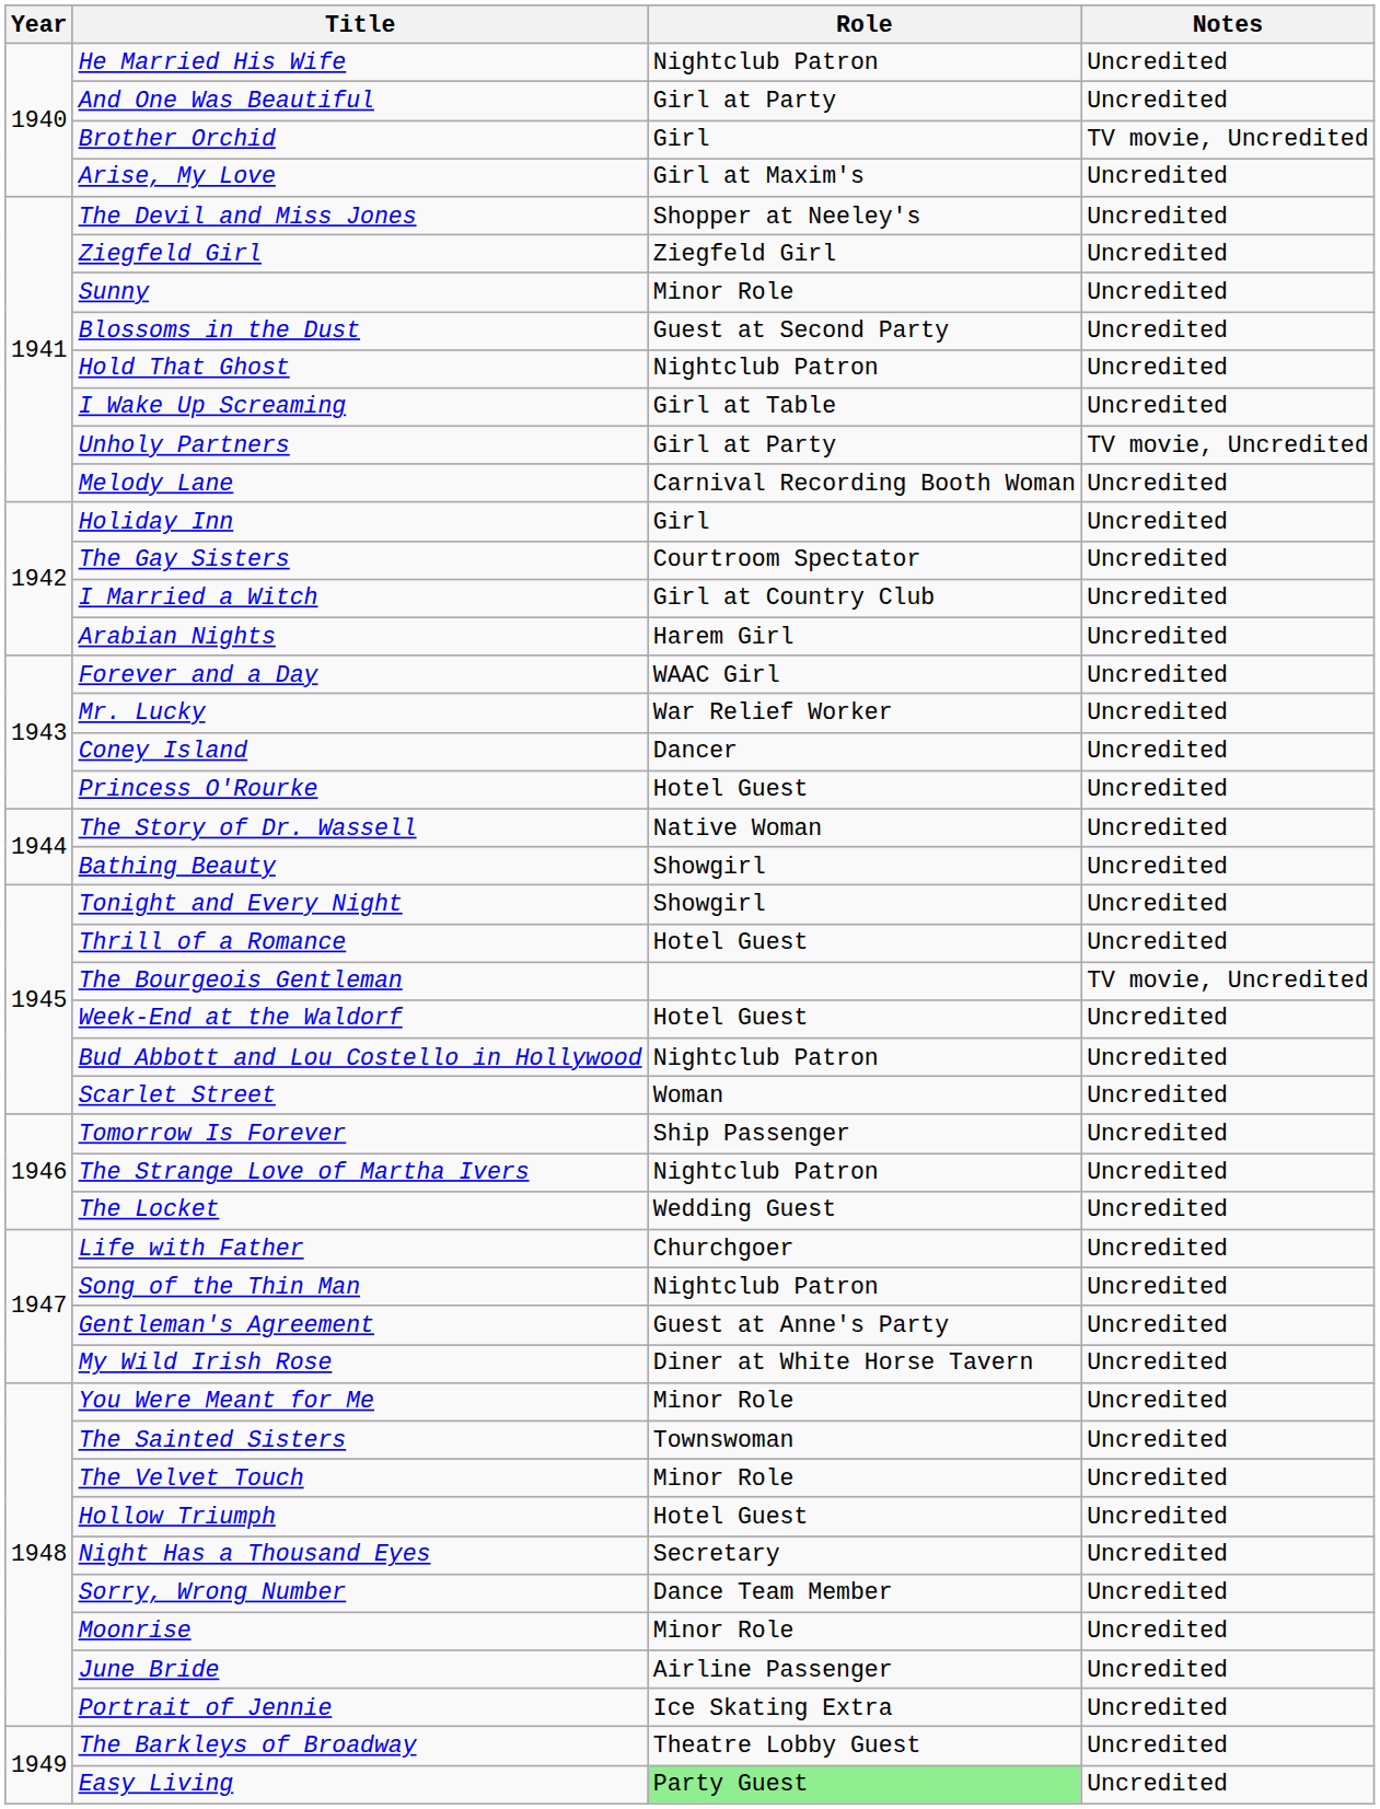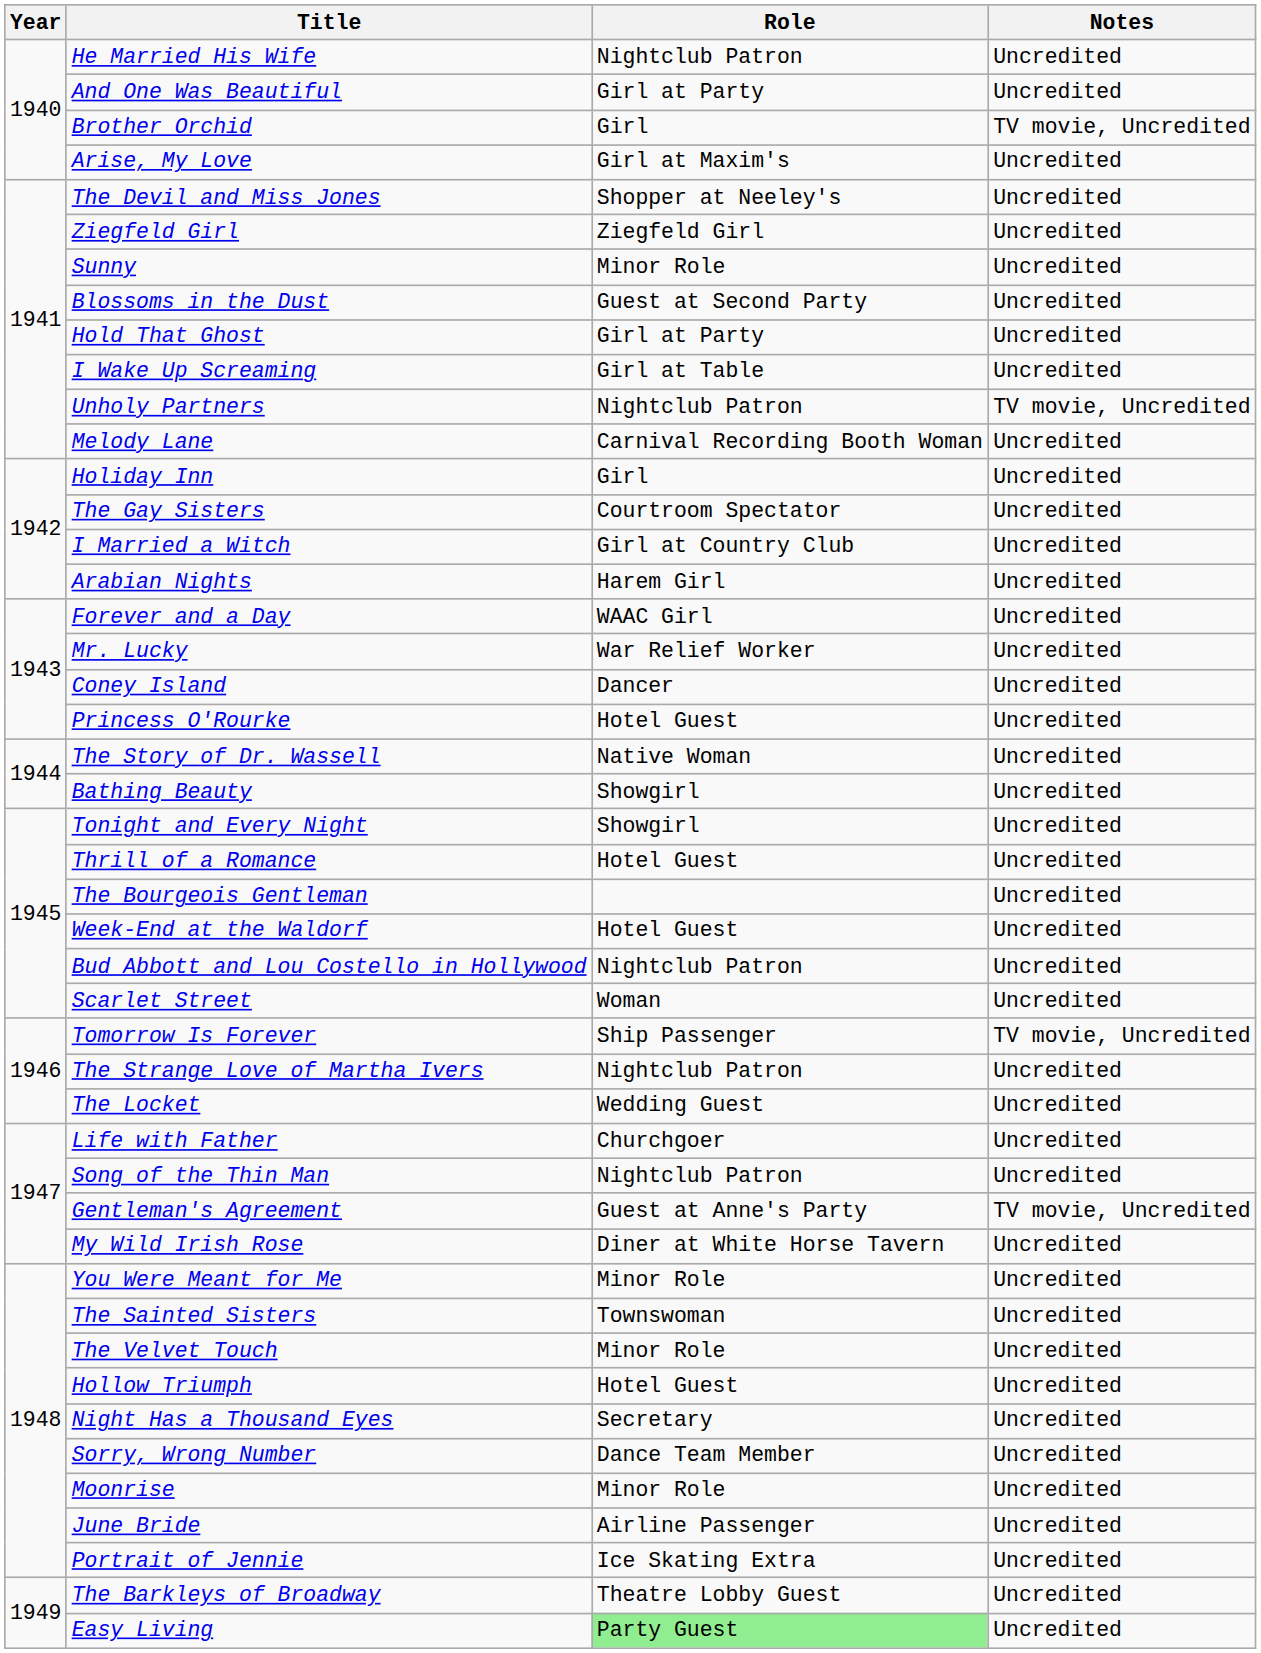 <table class="wikitable">
 <tr>
 <th>Year</th>
 <th>Title</th>
 <th>Role</th>
 <th>Notes</th>
 </tr>
 <tr>
 <td rowspan="4">1940</td>
 <td><em><a href='#'>He Married His Wife</a></em></td>
 <td>Nightclub Patron</td>
 <td>Uncredited</td>
 </tr>
 <tr>
 <td><em><a href='#'>And One Was Beautiful</a></em></td>
 <td>Girl at Party</td>
 <td>Uncredited</td>
 </tr>
 <tr>
 <td><em><a href='#'>Brother Orchid</a></em></td>
 <td>Girl</td>
 <td>TV movie, Uncredited</td>
 </tr>
 <tr>
 <td><em><a href='#'>Arise, My Love</a></em></td>
 <td>Girl at Maxim's</td>
 <td>Uncredited</td>
 </tr>
 <tr>
 <td rowspan="8">1941</td>
 <td><em><a href='#'>The Devil and Miss Jones</a></em></td>
 <td>Shopper at Neeley's</td>
 <td>Uncredited</td>
 </tr>
 <tr>
 <td><em><a href='#'>Ziegfeld Girl</a></em></td>
 <td>Ziegfeld Girl</td>
 <td>Uncredited</td>
 </tr>
 <tr>
 <td><em><a href='#'>Sunny</a></em></td>
 <td>Minor Role</td>
 <td>Uncredited</td>
 </tr>
 <tr>
 <td><em><a href='#'>Blossoms in the Dust</a></em></td>
 <td>Guest at Second Party</td>
 <td>Uncredited</td>
 </tr>
 <tr>
 <td><em><a href='#'>Hold That Ghost</a></em></td>
-<td>Nightclub Patron</td>
+<td>Girl at Party</td>
 <td>Uncredited</td>
 </tr>
 <tr>
 <td><em><a href='#'>I Wake Up Screaming</a></em></td>
 <td>Girl at Table</td>
 <td>Uncredited</td>
 </tr>
 <tr>
 <td><em><a href='#'>Unholy Partners</a></em></td>
-<td>Girl at Party</td>
+<td>Nightclub Patron</td>
 <td>TV movie, Uncredited</td>
 </tr>
 <tr>
 <td><em><a href='#'>Melody Lane</a></em></td>
 <td>Carnival Recording Booth Woman</td>
 <td>Uncredited</td>
 </tr>
 <tr>
 <td rowspan="4">1942</td>
 <td><em><a href='#'>Holiday Inn</a></em></td>
 <td>Girl</td>
 <td>Uncredited</td>
 </tr>
 <tr>
 <td><em><a href='#'>The Gay Sisters</a></em></td>
 <td>Courtroom Spectator</td>
 <td>Uncredited</td>
 </tr>
 <tr>
 <td><em><a href='#'>I Married a Witch</a></em></td>
 <td>Girl at Country Club</td>
 <td>Uncredited</td>
 </tr>
 <tr>
 <td><em><a href='#'>Arabian Nights</a></em></td>
 <td>Harem Girl</td>
 <td>Uncredited</td>
 </tr>
 <tr>
 <td rowspan="4">1943</td>
 <td><em><a href='#'>Forever and a Day</a></em></td>
 <td>WAAC Girl</td>
 <td>Uncredited</td>
 </tr>
 <tr>
 <td><em><a href='#'>Mr. Lucky</a></em></td>
 <td>War Relief Worker</td>
 <td>Uncredited</td>
 </tr>
 <tr>
 <td><em><a href='#'>Coney Island</a></em></td>
 <td>Dancer</td>
 <td>Uncredited</td>
 </tr>
 <tr>
 <td><em><a href='#'>Princess O'Rourke</a></em></td>
 <td>Hotel Guest</td>
 <td>Uncredited</td>
 </tr>
 <tr>
 <td rowspan="2">1944</td>
 <td><em><a href='#'>The Story of Dr. Wassell</a></em></td>
 <td>Native Woman</td>
 <td>Uncredited</td>
 </tr>
 <tr>
 <td><em><a href='#'>Bathing Beauty</a></em></td>
 <td>Showgirl</td>
 <td>Uncredited</td>
 </tr>
 <tr>
 <td rowspan="6">1945</td>
 <td><em><a href='#'>Tonight and Every Night</a></em></td>
 <td>Showgirl</td>
 <td>Uncredited</td>
 </tr>
 <tr>
 <td><em><a href='#'>Thrill of a Romance</a></em></td>
 <td>Hotel Guest</td>
 <td>Uncredited</td>
 </tr>
 <tr>
 <td><em><a href='#'>The Bourgeois Gentleman</a></em></td>
 <td></td>
-<td>TV movie, Uncredited</td>
+<td>Uncredited</td>
 </tr>
 <tr>
 <td><em><a href='#'>Week-End at the Waldorf</a></em></td>
 <td>Hotel Guest</td>
 <td>Uncredited</td>
 </tr>
 <tr>
 <td><em><a href='#'>Bud Abbott and Lou Costello in Hollywood</a></em></td>
 <td>Nightclub Patron</td>
 <td>Uncredited</td>
 </tr>
 <tr>
 <td><em><a href='#'>Scarlet Street</a></em></td>
 <td>Woman</td>
 <td>Uncredited</td>
 </tr>
 <tr>
 <td rowspan="3">1946</td>
 <td><em><a href='#'>Tomorrow Is Forever</a></em></td>
 <td>Ship Passenger</td>
-<td>Uncredited</td>
+<td>TV movie, Uncredited</td>
 </tr>
 <tr>
 <td><em><a href='#'>The Strange Love of Martha Ivers</a></em></td>
 <td>Nightclub Patron</td>
 <td>Uncredited</td>
 </tr>
 <tr>
 <td><em><a href='#'>The Locket</a></em></td>
 <td>Wedding Guest</td>
 <td>Uncredited</td>
 </tr>
 <tr>
 <td rowspan="4">1947</td>
 <td><em><a href='#'>Life with Father</a></em></td>
 <td>Churchgoer</td>
 <td>Uncredited</td>
 </tr>
 <tr>
 <td><em><a href='#'>Song of the Thin Man</a></em></td>
 <td>Nightclub Patron</td>
 <td>Uncredited</td>
 </tr>
 <tr>
 <td><em><a href='#'>Gentleman's Agreement</a></em></td>
 <td>Guest at Anne's Party</td>
-<td>Uncredited</td>
+<td>TV movie, Uncredited</td>
 </tr>
 <tr>
 <td><em><a href='#'>My Wild Irish Rose</a></em></td>
 <td>Diner at White Horse Tavern</td>
 <td>Uncredited</td>
 </tr>
 <tr>
 <td rowspan="9">1948</td>
 <td><em><a href='#'>You Were Meant for Me</a></em></td>
 <td>Minor Role</td>
 <td>Uncredited</td>
 </tr>
 <tr>
 <td><em><a href='#'>The Sainted Sisters</a></em></td>
 <td>Townswoman</td>
 <td>Uncredited</td>
 </tr>
 <tr>
 <td><em><a href='#'>The Velvet Touch</a></em></td>
 <td>Minor Role</td>
 <td>Uncredited</td>
 </tr>
 <tr>
 <td><em><a href='#'>Hollow Triumph</a></em></td>
 <td>Hotel Guest</td>
 <td>Uncredited</td>
 </tr>
 <tr>
 <td><em><a href='#'>Night Has a Thousand Eyes</a></em></td>
 <td>Secretary</td>
 <td>Uncredited</td>
 </tr>
 <tr>
 <td><em><a href='#'>Sorry, Wrong Number</a></em></td>
 <td>Dance Team Member</td>
 <td>Uncredited</td>
 </tr>
 <tr>
 <td><em><a href='#'>Moonrise</a></em></td>
 <td>Minor Role</td>
 <td>Uncredited</td>
 </tr>
 <tr>
 <td><em><a href='#'>June Bride</a></em></td>
 <td>Airline Passenger</td>
 <td>Uncredited</td>
 </tr>
 <tr>
 <td><em><a href='#'>Portrait of Jennie</a></em></td>
 <td>Ice Skating Extra</td>
 <td>Uncredited</td>
 </tr>
 <tr>
 <td rowspan="2">1949</td>
 <td><em><a href='#'>The Barkleys of Broadway</a></em></td>
 <td>Theatre Lobby Guest</td>
 <td>Uncredited</td>
 </tr>
 <tr>
 <td><em><a href='#'>Easy Living</a></em></td>
 <td style="background: lightgreen;">Party Guest</td>
 <td>Uncredited</td>
 </tr>
 </table>
